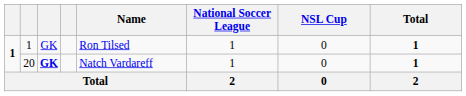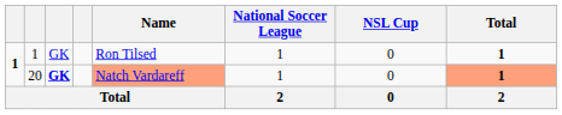 <table class="wikitable" style="text-align:center">
 <tr>
 <th width=15></th>
 <th width=15></th>
 <th width=15></th>
 <th width=15></th>
 <th width=145>Name</th>
 <th width=120><a href='#'>National Soccer League</a></th>
 <th width=120><a href='#'>NSL Cup</a></th>
 <th width=120>Total</th>
 </tr>
 <tr>
 <td rowspan="2"><strong>1</strong></td>
 <td>1</td>
 <td><a href='#'>GK</a></td>
 <td></td>
 <td align=left><a href='#'>Ron Tilsed</a></td>
 <td>1</td>
 <td>0</td>
 <td><strong>1</strong></td>
 </tr>
 <tr>
 <td>20</td>
 <td><strong><a href='#'>GK</a></strong></td>
 <td></td>
-<td align=left><a href='#'>Natch Vardareff</a></td>
+<td align=left style="background: lightsalmon;"><a href='#'>Natch Vardareff</a></td>
 <td>1</td>
 <td>0</td>
-<td><strong>1</strong></td>
+<td style="background: lightsalmon;"><strong>1</strong></td>
 </tr>
 <tr>
 <th colspan="5"><strong>Total</strong></th>
 <th>2</th>
 <th>0</th>
 <th>2</th>
 </tr>
 </table>
